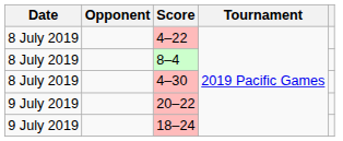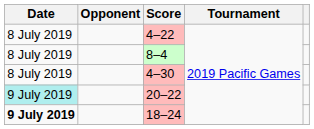 <table class="wikitable defaultcenter col1right col2left">
 <tr>
 <th>Date</th>
 <th>Opponent</th>
 <th>Score</th>
 <th>Tournament</th>
 <th></th>
 </tr>
 <tr>
 <td>8 July 2019</td>
 <td></td>
 <td bgcolor="#FFBBBB">4–22</td>
 <td rowspan=5><a href='#'>2019 Pacific Games</a></td>
 <td></td>
 </tr>
 <tr>
 <td>8 July 2019</td>
 <td></td>
 <td bgcolor="#CCFFCC">8–4</td>
 <td></td>
 </tr>
 <tr>
 <td>8 July 2019</td>
 <td></td>
 <td bgcolor="#FFBBBB">4–30</td>
 <td></td>
 </tr>
 <tr>
-<td>9 July 2019</td>
+<td style="background: paleturquoise;">9 July 2019</td>
 <td></td>
 <td bgcolor="#FFBBBB">20–22</td>
 <td></td>
 </tr>
 <tr>
-<td>9 July 2019</td>
+<td><strong>9 July 2019</strong></td>
 <td></td>
 <td bgcolor="#FFBBBB">18–24</td>
 <td></td>
 </tr>
 </table>
